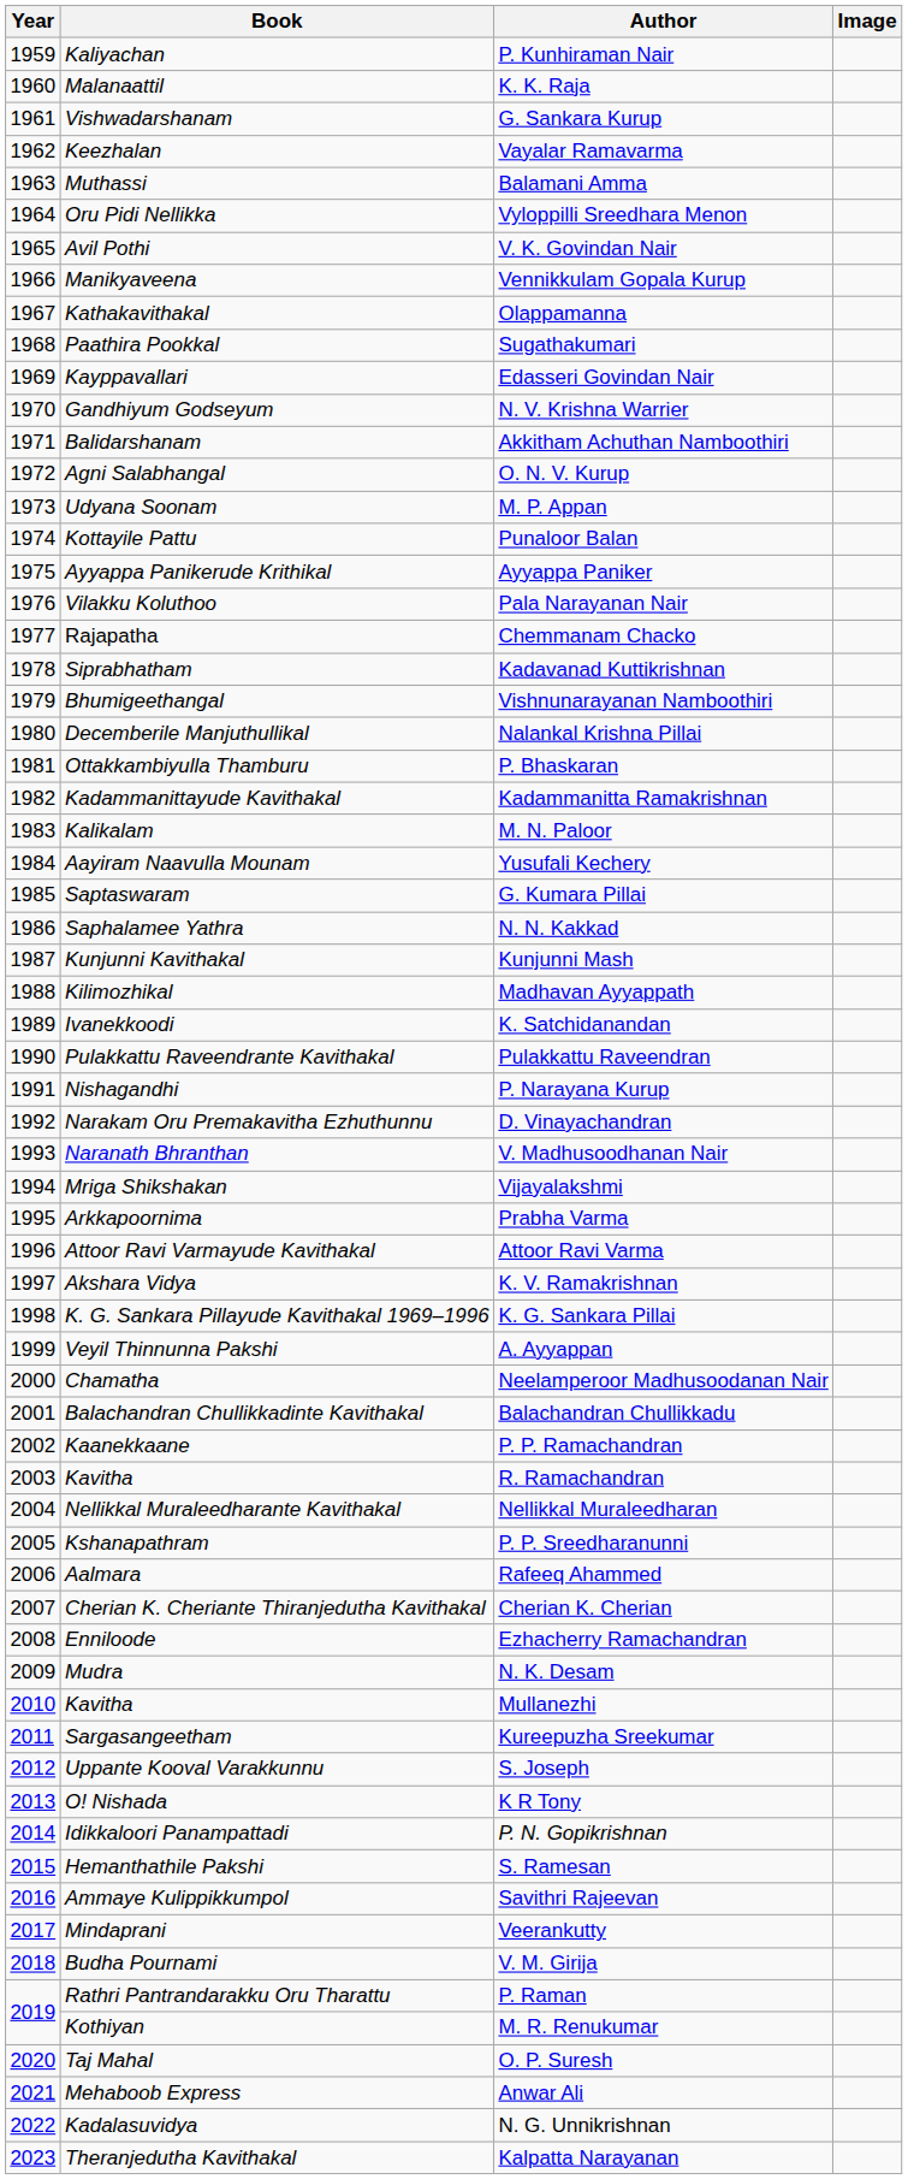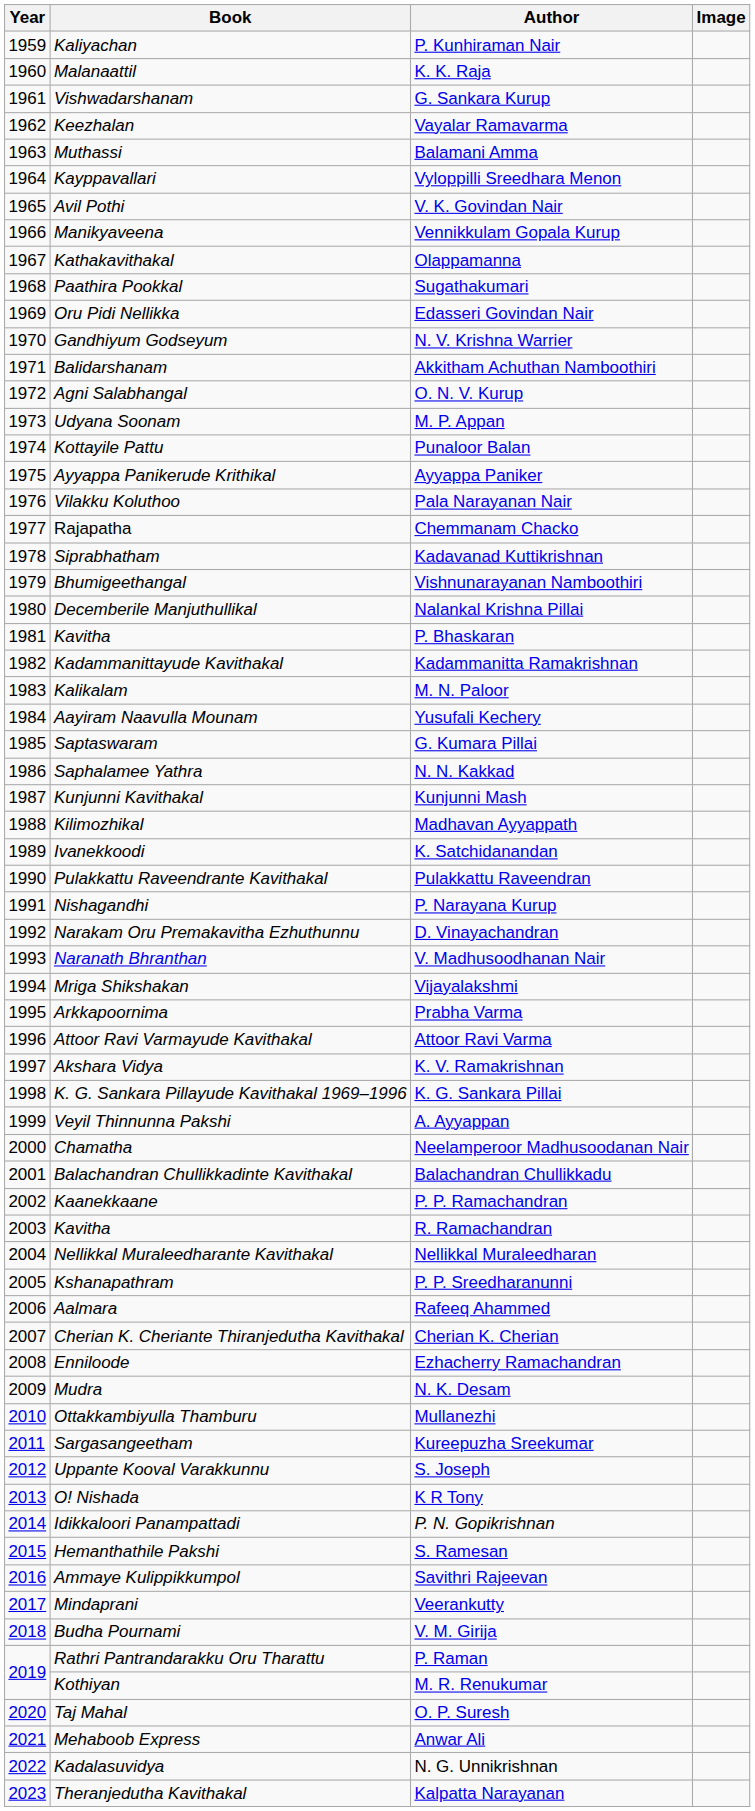 <table class="wikitable sortable">
 <tr>
 <th>Year</th>
 <th>Book</th>
 <th>Author</th>
 <th>Image</th>
 </tr>
 <tr>
 <td>1959</td>
 <td><em>Kaliyachan</em></td>
 <td><a href='#'>P. Kunhiraman Nair</a></td>
 <td></td>
 </tr>
 <tr>
 <td>1960</td>
 <td><em>Malanaattil</em></td>
 <td><a href='#'>K. K. Raja</a></td>
 <td></td>
 </tr>
 <tr>
 <td>1961</td>
 <td><em>Vishwadarshanam</em></td>
 <td><a href='#'>G. Sankara Kurup</a></td>
 <td></td>
 </tr>
 <tr>
 <td>1962</td>
 <td><em>Keezhalan</em></td>
 <td><a href='#'>Vayalar Ramavarma</a></td>
 <td></td>
 </tr>
 <tr>
 <td>1963</td>
 <td><em>Muthassi</em></td>
 <td><a href='#'>Balamani Amma</a></td>
 <td></td>
 </tr>
 <tr>
 <td>1964</td>
-<td><em>Oru Pidi Nellikka</em></td>
+<td><em>Kayppavallari</em></td>
 <td><a href='#'>Vyloppilli Sreedhara Menon</a></td>
 <td></td>
 </tr>
 <tr>
 <td>1965</td>
 <td><em>Avil Pothi</em></td>
 <td><a href='#'>V. K. Govindan Nair</a></td>
 <td></td>
 </tr>
 <tr>
 <td>1966</td>
 <td><em>Manikyaveena</em></td>
 <td><a href='#'>Vennikkulam Gopala Kurup</a></td>
 <td></td>
 </tr>
 <tr>
 <td>1967</td>
 <td><em>Kathakavithakal</em></td>
 <td><a href='#'>Olappamanna</a></td>
 <td></td>
 </tr>
 <tr>
 <td>1968</td>
 <td><em>Paathira Pookkal</em></td>
 <td><a href='#'>Sugathakumari</a></td>
 <td></td>
 </tr>
 <tr>
 <td>1969</td>
-<td><em>Kayppavallari</em></td>
+<td><em>Oru Pidi Nellikka</em></td>
 <td><a href='#'>Edasseri Govindan Nair</a></td>
 <td></td>
 </tr>
 <tr>
 <td>1970</td>
 <td><em>Gandhiyum Godseyum</em></td>
 <td><a href='#'>N. V. Krishna Warrier</a></td>
 <td></td>
 </tr>
 <tr>
 <td>1971</td>
 <td><em>Balidarshanam</em></td>
 <td><a href='#'>Akkitham Achuthan Namboothiri</a></td>
 <td></td>
 </tr>
 <tr>
 <td>1972</td>
 <td><em>Agni Salabhangal</em></td>
 <td><a href='#'>O. N. V. Kurup</a></td>
 <td></td>
 </tr>
 <tr>
 <td>1973</td>
 <td><em>Udyana Soonam</em></td>
 <td><a href='#'>M. P. Appan</a></td>
 <td></td>
 </tr>
 <tr>
 <td>1974</td>
 <td><em>Kottayile Pattu</em></td>
 <td><a href='#'>Punaloor Balan</a></td>
 <td></td>
 </tr>
 <tr>
 <td>1975</td>
 <td><em>Ayyappa Panikerude Krithikal</em></td>
 <td><a href='#'>Ayyappa Paniker</a></td>
 <td></td>
 </tr>
 <tr>
 <td>1976</td>
 <td><em>Vilakku Koluthoo</em></td>
 <td><a href='#'>Pala Narayanan Nair</a></td>
 <td></td>
 </tr>
 <tr>
 <td>1977</td>
 <td>Rajapatha</td>
 <td><a href='#'>Chemmanam Chacko</a></td>
 <td></td>
 </tr>
 <tr>
 <td>1978</td>
 <td><em>Siprabhatham</em></td>
 <td><a href='#'>Kadavanad Kuttikrishnan</a></td>
 <td></td>
 </tr>
 <tr>
 <td>1979</td>
 <td><em>Bhumigeethangal</em></td>
 <td><a href='#'>Vishnunarayanan Namboothiri</a></td>
 <td></td>
 </tr>
 <tr>
 <td>1980</td>
 <td><em>Decemberile Manjuthullikal</em></td>
 <td><a href='#'>Nalankal Krishna Pillai</a></td>
 <td></td>
 </tr>
 <tr>
 <td>1981</td>
-<td><em>Ottakkambiyulla Thamburu</em></td>
+<td><em>Kavitha</em></td>
 <td><a href='#'>P. Bhaskaran</a></td>
 <td></td>
 </tr>
 <tr>
 <td>1982</td>
 <td><em>Kadammanittayude Kavithakal</em></td>
 <td><a href='#'>Kadammanitta Ramakrishnan</a></td>
 <td></td>
 </tr>
 <tr>
 <td>1983</td>
 <td><em>Kalikalam</em></td>
 <td><a href='#'>M. N. Paloor</a></td>
 <td></td>
 </tr>
 <tr>
 <td>1984</td>
 <td><em>Aayiram Naavulla Mounam</em></td>
 <td><a href='#'>Yusufali Kechery</a></td>
 <td></td>
 </tr>
 <tr>
 <td>1985</td>
 <td><em>Saptaswaram</em></td>
 <td><a href='#'>G. Kumara Pillai</a></td>
 <td></td>
 </tr>
 <tr>
 <td>1986</td>
 <td><em>Saphalamee Yathra</em></td>
 <td><a href='#'>N. N. Kakkad</a></td>
 <td></td>
 </tr>
 <tr>
 <td>1987</td>
 <td><em>Kunjunni Kavithakal</em></td>
 <td><a href='#'>Kunjunni Mash</a></td>
 <td></td>
 </tr>
 <tr>
 <td>1988</td>
 <td><em>Kilimozhikal</em></td>
 <td><a href='#'>Madhavan Ayyappath</a></td>
 <td></td>
 </tr>
 <tr>
 <td>1989</td>
 <td><em>Ivanekkoodi</em></td>
 <td><a href='#'>K. Satchidanandan</a></td>
 <td></td>
 </tr>
 <tr>
 <td>1990</td>
 <td><em>Pulakkattu Raveendrante Kavithakal</em></td>
 <td><a href='#'>Pulakkattu Raveendran</a></td>
 <td></td>
 </tr>
 <tr>
 <td>1991</td>
 <td><em>Nishagandhi</em></td>
 <td><a href='#'>P. Narayana Kurup</a></td>
 <td></td>
 </tr>
 <tr>
 <td>1992</td>
 <td><em>Narakam Oru Premakavitha Ezhuthunnu</em></td>
 <td><a href='#'>D. Vinayachandran</a></td>
 <td></td>
 </tr>
 <tr>
 <td>1993</td>
 <td><em><a href='#'>Naranath Bhranthan</a></em></td>
 <td><a href='#'>V. Madhusoodhanan Nair</a></td>
 <td></td>
 </tr>
 <tr>
 <td>1994</td>
 <td><em>Mriga Shikshakan</em></td>
 <td><a href='#'>Vijayalakshmi</a></td>
 <td></td>
 </tr>
 <tr>
 <td>1995</td>
 <td><em>Arkkapoornima</em></td>
 <td><a href='#'>Prabha Varma</a></td>
 <td></td>
 </tr>
 <tr>
 <td>1996</td>
 <td><em>Attoor Ravi Varmayude Kavithakal</em></td>
 <td><a href='#'>Attoor Ravi Varma</a></td>
 <td></td>
 </tr>
 <tr>
 <td>1997</td>
 <td><em>Akshara Vidya</em></td>
 <td><a href='#'>K. V. Ramakrishnan</a></td>
 <td></td>
 </tr>
 <tr>
 <td>1998</td>
 <td><em>K. G. Sankara Pillayude Kavithakal 1969–1996</em></td>
 <td><a href='#'>K. G. Sankara Pillai</a></td>
 <td></td>
 </tr>
 <tr>
 <td>1999</td>
 <td><em>Veyil Thinnunna Pakshi</em></td>
 <td><a href='#'>A. Ayyappan</a></td>
 <td></td>
 </tr>
 <tr>
 <td>2000</td>
 <td><em>Chamatha</em></td>
 <td><a href='#'>Neelamperoor Madhusoodanan Nair</a></td>
 <td></td>
 </tr>
 <tr>
 <td>2001</td>
 <td><em>Balachandran Chullikkadinte Kavithakal</em></td>
 <td><a href='#'>Balachandran Chullikkadu</a></td>
 <td></td>
 </tr>
 <tr>
 <td>2002</td>
 <td><em>Kaanekkaane</em></td>
 <td><a href='#'>P. P. Ramachandran</a></td>
 <td></td>
 </tr>
 <tr>
 <td>2003</td>
 <td><em>Kavitha</em></td>
 <td><a href='#'>R. Ramachandran</a></td>
 <td></td>
 </tr>
 <tr>
 <td>2004</td>
 <td><em>Nellikkal Muraleedharante Kavithakal</em></td>
 <td><a href='#'>Nellikkal Muraleedharan</a></td>
 <td></td>
 </tr>
 <tr>
 <td>2005</td>
 <td><em>Kshanapathram</em></td>
 <td><a href='#'>P. P. Sreedharanunni</a></td>
 <td></td>
 </tr>
 <tr>
 <td>2006</td>
 <td><em>Aalmara</em></td>
 <td><a href='#'>Rafeeq Ahammed</a></td>
 <td></td>
 </tr>
 <tr>
 <td>2007</td>
 <td><em>Cherian K. Cheriante Thiranjedutha Kavithakal</em></td>
 <td><a href='#'>Cherian K. Cherian</a></td>
 <td></td>
 </tr>
 <tr>
 <td>2008</td>
 <td><em>Enniloode</em></td>
 <td><a href='#'>Ezhacherry Ramachandran</a></td>
 <td></td>
 </tr>
 <tr>
 <td>2009</td>
 <td><em>Mudra</em></td>
 <td><a href='#'>N. K. Desam</a></td>
 <td></td>
 </tr>
 <tr>
 <td><a href='#'>2010</a></td>
-<td><em>Kavitha</em></td>
+<td><em>Ottakkambiyulla Thamburu</em></td>
 <td><a href='#'>Mullanezhi</a></td>
 <td></td>
 </tr>
 <tr>
 <td><a href='#'>2011</a></td>
 <td><em>Sargasangeetham</em></td>
 <td><a href='#'>Kureepuzha Sreekumar</a></td>
 <td></td>
 </tr>
 <tr>
 <td><a href='#'>2012</a></td>
 <td><em>Uppante Kooval Varakkunnu</em></td>
 <td><a href='#'>S. Joseph</a></td>
 <td></td>
 </tr>
 <tr>
 <td><a href='#'>2013</a></td>
 <td><em>O! Nishada</em></td>
 <td><a href='#'>K R Tony</a></td>
 <td></td>
 </tr>
 <tr>
 <td><a href='#'>2014</a></td>
 <td><em>Idikkaloori Panampattadi</em></td>
 <td><em>P. N. Gopikrishnan</em></td>
 <td></td>
 </tr>
 <tr>
 <td><a href='#'>2015</a></td>
 <td><em>Hemanthathile Pakshi</em></td>
 <td><a href='#'>S. Ramesan</a></td>
 <td></td>
 </tr>
 <tr>
 <td><a href='#'>2016</a></td>
 <td><em>Ammaye Kulippikkumpol</em></td>
 <td><a href='#'>Savithri Rajeevan</a></td>
 <td></td>
 </tr>
 <tr>
 <td><a href='#'>2017</a></td>
 <td><em>Mindaprani</em></td>
 <td><a href='#'>Veerankutty</a></td>
 <td></td>
 </tr>
 <tr>
 <td><a href='#'>2018</a></td>
 <td><em>Budha Pournami</em></td>
 <td><a href='#'>V. M. Girija</a></td>
 <td></td>
 </tr>
 <tr>
 <td rowspan="2"><a href='#'>2019</a></td>
 <td><em>	Rathri Pantrandarakku Oru Tharattu</em></td>
 <td><a href='#'>P. Raman</a></td>
 <td></td>
 </tr>
 <tr>
 <td><em>Kothiyan</em></td>
 <td><a href='#'>M. R. Renukumar</a></td>
 <td></td>
 </tr>
 <tr>
 <td><a href='#'>2020</a></td>
 <td><em>Taj Mahal</em></td>
 <td><a href='#'>O. P. Suresh</a></td>
 <td></td>
 </tr>
 <tr>
 <td><a href='#'>2021</a></td>
 <td><em>Mehaboob Express</em></td>
 <td><a href='#'>Anwar Ali</a></td>
 <td></td>
 </tr>
 <tr>
 <td><a href='#'>2022</a></td>
 <td><em>Kadalasuvidya</em></td>
 <td>N. G. Unnikrishnan</td>
 <td></td>
 </tr>
 <tr>
 <td><a href='#'>2023</a></td>
 <td><em>Theranjedutha Kavithakal</em></td>
 <td><a href='#'>Kalpatta Narayanan</a></td>
 <td></td>
 </tr>
 </table>
